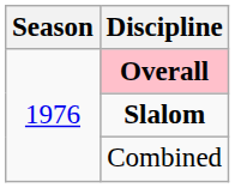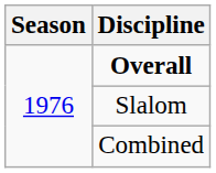 <table class="wikitable">
 <tr>
 <th>Season</th>
 <th>Discipline</th>
 </tr>
 <tr>
 <td rowspan=3 align=center><a href='#'>1976</a></td>
-<td align=center style="background: pink;"><strong>Overall</strong></td>
+<td align=center><strong>Overall</strong></td>
 </tr>
 <tr>
-<td align=center><strong>Slalom</strong></td>
+<td align=center>Slalom</td>
 </tr>
 <tr>
 <td align=center>Combined</td>
 </tr>
 </table>
